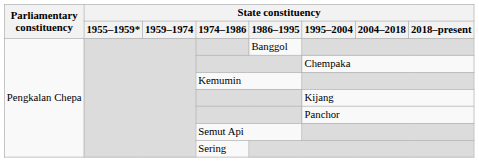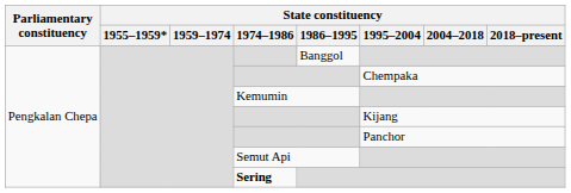 <table class="wikitable">
 <tr>
 <th rowspan="2">Parliamentary<br>constituency</th>
 <th colspan="7">State constituency</th>
 </tr>
 <tr>
 <th>1955–1959*</th>
 <th>1959–1974</th>
 <th>1974–1986</th>
 <th>1986–1995</th>
 <th>1995–2004</th>
 <th>2004–2018</th>
 <th>2018–present</th>
 </tr>
 <tr>
 <td rowspan="7">Pengkalan Chepa</td>
 <td colspan="2" rowspan="7" bgcolor="dcdcdc"></td>
 <td bgcolor="dcdcdc"></td>
 <td>Banggol</td>
 <td colspan="3" bgcolor="dcdcdc"></td>
 </tr>
 <tr>
 <td colspan="2" bgcolor="dcdcdc"></td>
 <td colspan="3">Chempaka</td>
 </tr>
 <tr>
 <td colspan="2">Kemumin</td>
 <td colspan="3" bgcolor="dcdcdc"></td>
 </tr>
 <tr>
 <td colspan="2" bgcolor="dcdcdc"></td>
 <td colspan="3">Kijang</td>
 </tr>
 <tr>
 <td colspan="2" bgcolor="dcdcdc"></td>
 <td colspan="3">Panchor</td>
 </tr>
 <tr>
 <td colspan="2">Semut Api</td>
 <td colspan="3" bgcolor="dcdcdc"></td>
 </tr>
 <tr>
-<td>Sering</td>
+<td><strong>Sering</strong></td>
 <td colspan="4" bgcolor="dcdcdc"></td>
 </tr>
 </table>
